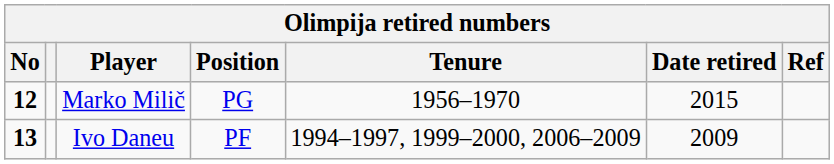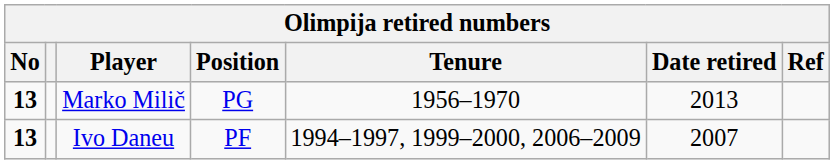 <table class="wikitable sortable" style="text-align:center">
 <tr>
 <th colspan="7">Olimpija retired numbers</th>
 </tr>
 <tr>
 <th>No</th>
 <th></th>
 <th>Player</th>
 <th>Position</th>
 <th>Tenure</th>
 <th>Date retired</th>
 <th>Ref</th>
 </tr>
 <tr>
-<td><strong>12</strong></td>
+<td><strong>13</strong></td>
 <td></td>
 <td><a href='#'>Marko Milič</a></td>
 <td><a href='#'>PG</a></td>
 <td>1956–1970</td>
-<td>2015</td>
+<td>2013</td>
 <td></td>
 </tr>
 <tr>
 <td><strong>13</strong></td>
 <td></td>
 <td><a href='#'>Ivo Daneu</a></td>
 <td><a href='#'>PF</a></td>
 <td>1994–1997, 1999–2000, 2006–2009</td>
-<td>2009</td>
+<td>2007</td>
 <td></td>
 </tr>
 </table>
